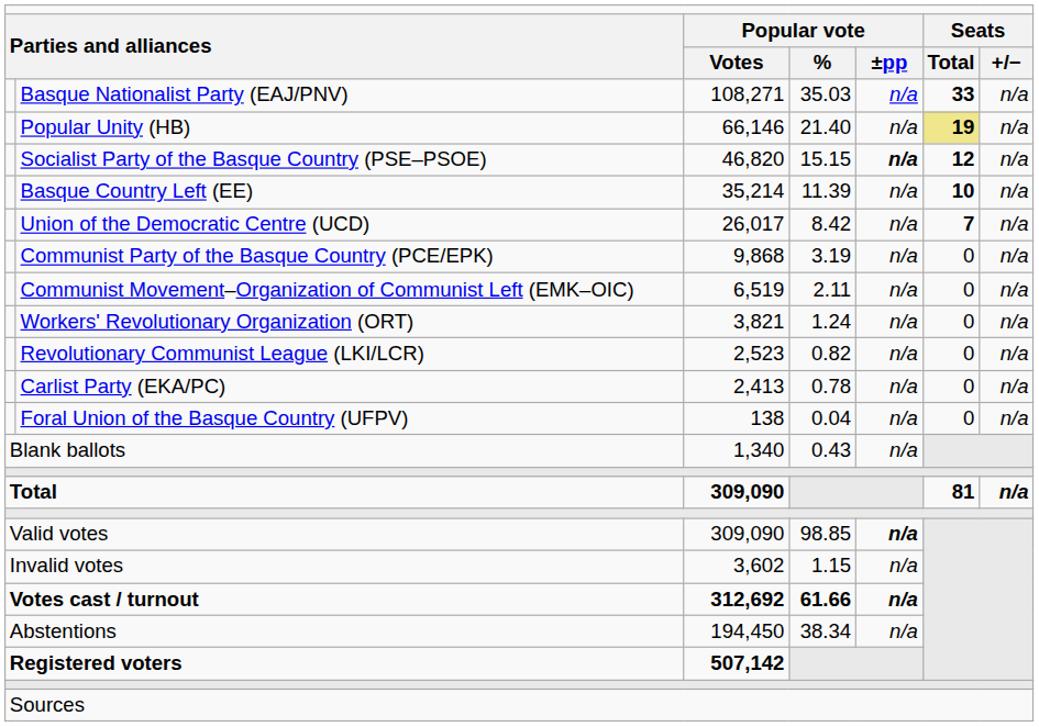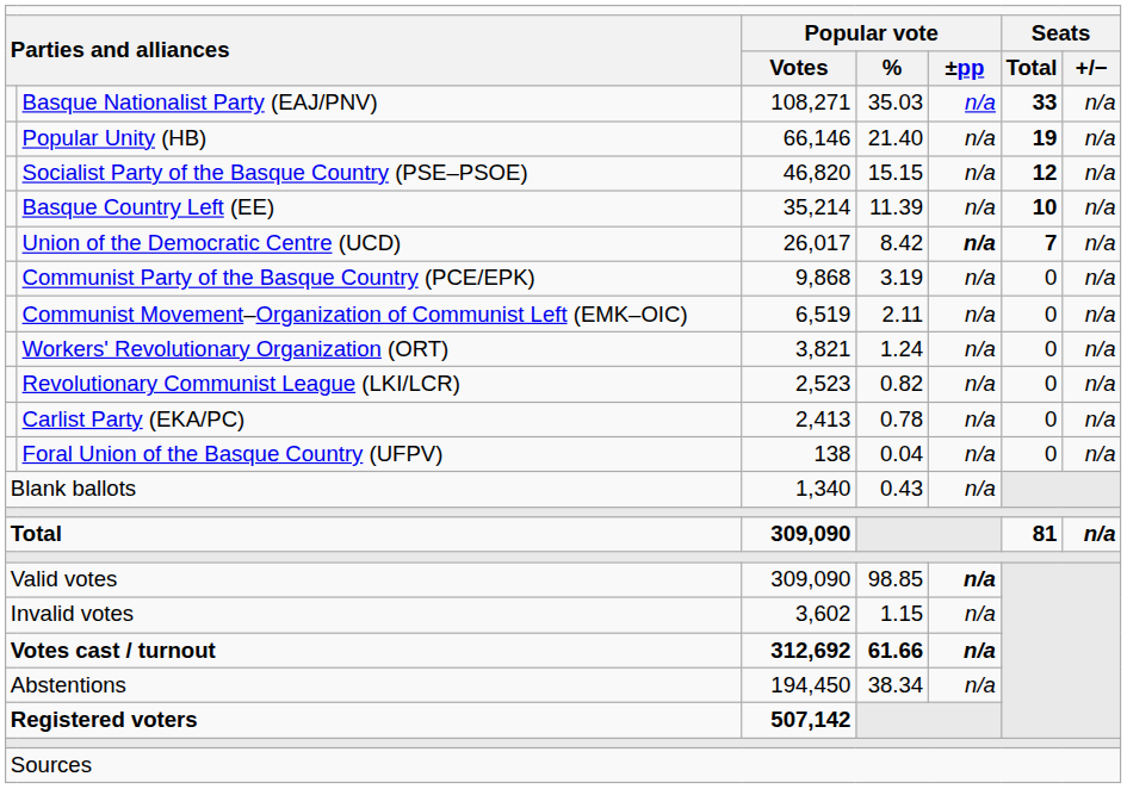 <table class="wikitable" style="text-align:right;">
 <tr>
 <td colspan="7"></td>
 </tr>
 <tr>
 <th style="text-align:left;" rowspan="2" colspan="2" width="525">Parties and alliances</th>
 <th colspan="3">Popular vote</th>
 <th colspan="2">Seats</th>
 </tr>
 <tr>
 <th width="75">Votes</th>
 <th width="45">%</th>
 <th width="45">±<a href='#'>pp</a></th>
 <th width="35">Total</th>
 <th width="35">+/−</th>
 </tr>
 <tr>
 <td width="1" style="color:inherit;background:"></td>
 <td align="left"><a href='#'>Basque Nationalist Party</a> (EAJ/PNV)</td>
 <td>108,271</td>
 <td>35.03</td>
 <td><em><a href='#'>n/a</a></em></td>
 <td><strong>33</strong></td>
 <td><em>n/a</em></td>
 </tr>
 <tr>
 <td style="color:inherit;background:"></td>
 <td align="left"><a href='#'>Popular Unity</a> (HB)</td>
 <td>66,146</td>
 <td>21.40</td>
 <td><em>n/a</em></td>
-<td style="background: khaki;"><strong>19</strong></td>
+<td><strong>19</strong></td>
 <td><em>n/a</em></td>
 </tr>
 <tr>
 <td style="color:inherit;background:"></td>
 <td align="left"><a href='#'>Socialist Party of the Basque Country</a> (PSE–PSOE)</td>
 <td>46,820</td>
 <td>15.15</td>
-<td><strong><em>n/a</em></strong></td>
+<td><em>n/a</em></td>
 <td><strong>12</strong></td>
 <td><em>n/a</em></td>
 </tr>
 <tr>
 <td style="color:inherit;background:"></td>
 <td align="left"><a href='#'>Basque Country Left</a> (EE)</td>
 <td>35,214</td>
 <td>11.39</td>
 <td><em>n/a</em></td>
 <td><strong>10</strong></td>
 <td><em>n/a</em></td>
 </tr>
 <tr>
 <td style="color:inherit;background:"></td>
 <td align="left"><a href='#'>Union of the Democratic Centre</a> (UCD)</td>
 <td>26,017</td>
 <td>8.42</td>
-<td><em>n/a</em></td>
+<td><strong><em>n/a</em></strong></td>
 <td><strong>7</strong></td>
 <td><em>n/a</em></td>
 </tr>
 <tr>
 <td style="color:inherit;background:"></td>
 <td align="left"><a href='#'>Communist Party of the Basque Country</a> (PCE/EPK)</td>
 <td>9,868</td>
 <td>3.19</td>
 <td><em>n/a</em></td>
 <td>0</td>
 <td><em>n/a</em></td>
 </tr>
 <tr>
 <td style="color:inherit;background:"></td>
 <td align="left"><a href='#'>Communist Movement</a>–<a href='#'>Organization of Communist Left</a> (EMK–OIC)</td>
 <td>6,519</td>
 <td>2.11</td>
 <td><em>n/a</em></td>
 <td>0</td>
 <td><em>n/a</em></td>
 </tr>
 <tr>
 <td style="color:inherit;background:"></td>
 <td align="left"><a href='#'>Workers' Revolutionary Organization</a> (ORT)</td>
 <td>3,821</td>
 <td>1.24</td>
 <td><em>n/a</em></td>
 <td>0</td>
 <td><em>n/a</em></td>
 </tr>
 <tr>
 <td style="color:inherit;background:"></td>
 <td align="left"><a href='#'>Revolutionary Communist League</a> (LKI/LCR)</td>
 <td>2,523</td>
 <td>0.82</td>
 <td><em>n/a</em></td>
 <td>0</td>
 <td><em>n/a</em></td>
 </tr>
 <tr>
 <td style="color:inherit;background:"></td>
 <td align="left"><a href='#'>Carlist Party</a> (EKA/PC)</td>
 <td>2,413</td>
 <td>0.78</td>
 <td><em>n/a</em></td>
 <td>0</td>
 <td><em>n/a</em></td>
 </tr>
 <tr>
 <td style="color:inherit;background:"></td>
 <td align="left"><a href='#'>Foral Union of the Basque Country</a> (UFPV)</td>
 <td>138</td>
 <td>0.04</td>
 <td><em>n/a</em></td>
 <td>0</td>
 <td><em>n/a</em></td>
 </tr>
 <tr>
 <td align="left" colspan="2">Blank ballots</td>
 <td>1,340</td>
 <td>0.43</td>
 <td><em>n/a</em></td>
 <td bgcolor="#E9E9E9" colspan="2"></td>
 </tr>
 <tr>
 <td colspan="7" bgcolor="#E9E9E9"></td>
 </tr>
 <tr style="font-weight:bold;">
 <td align="left" colspan="2">Total</td>
 <td>309,090</td>
 <td bgcolor="#E9E9E9" colspan="2"></td>
 <td>81</td>
 <td><em>n/a</em></td>
 </tr>
 <tr>
 <td colspan="7" bgcolor="#E9E9E9"></td>
 </tr>
 <tr>
 <td align="left" colspan="2">Valid votes</td>
 <td>309,090</td>
 <td>98.85</td>
 <td><strong><em>n/a</em></strong></td>
 <td bgcolor="#E9E9E9" colspan="2" rowspan="5"></td>
 </tr>
 <tr>
 <td align="left" colspan="2">Invalid votes</td>
 <td>3,602</td>
 <td>1.15</td>
 <td><em>n/a</em></td>
 </tr>
 <tr style="font-weight:bold;">
 <td align="left" colspan="2">Votes cast / turnout</td>
 <td>312,692</td>
 <td>61.66</td>
 <td><em>n/a</em></td>
 </tr>
 <tr>
 <td align="left" colspan="2">Abstentions</td>
 <td>194,450</td>
 <td>38.34</td>
 <td><em>n/a</em></td>
 </tr>
 <tr style="font-weight:bold;">
 <td align="left" colspan="2">Registered voters</td>
 <td>507,142</td>
 <td bgcolor="#E9E9E9" colspan="2"></td>
 </tr>
 <tr>
 <td colspan="7" bgcolor="#E9E9E9"></td>
 </tr>
 <tr>
 <td align="left" colspan="7">Sources</td>
 </tr>
 </table>
